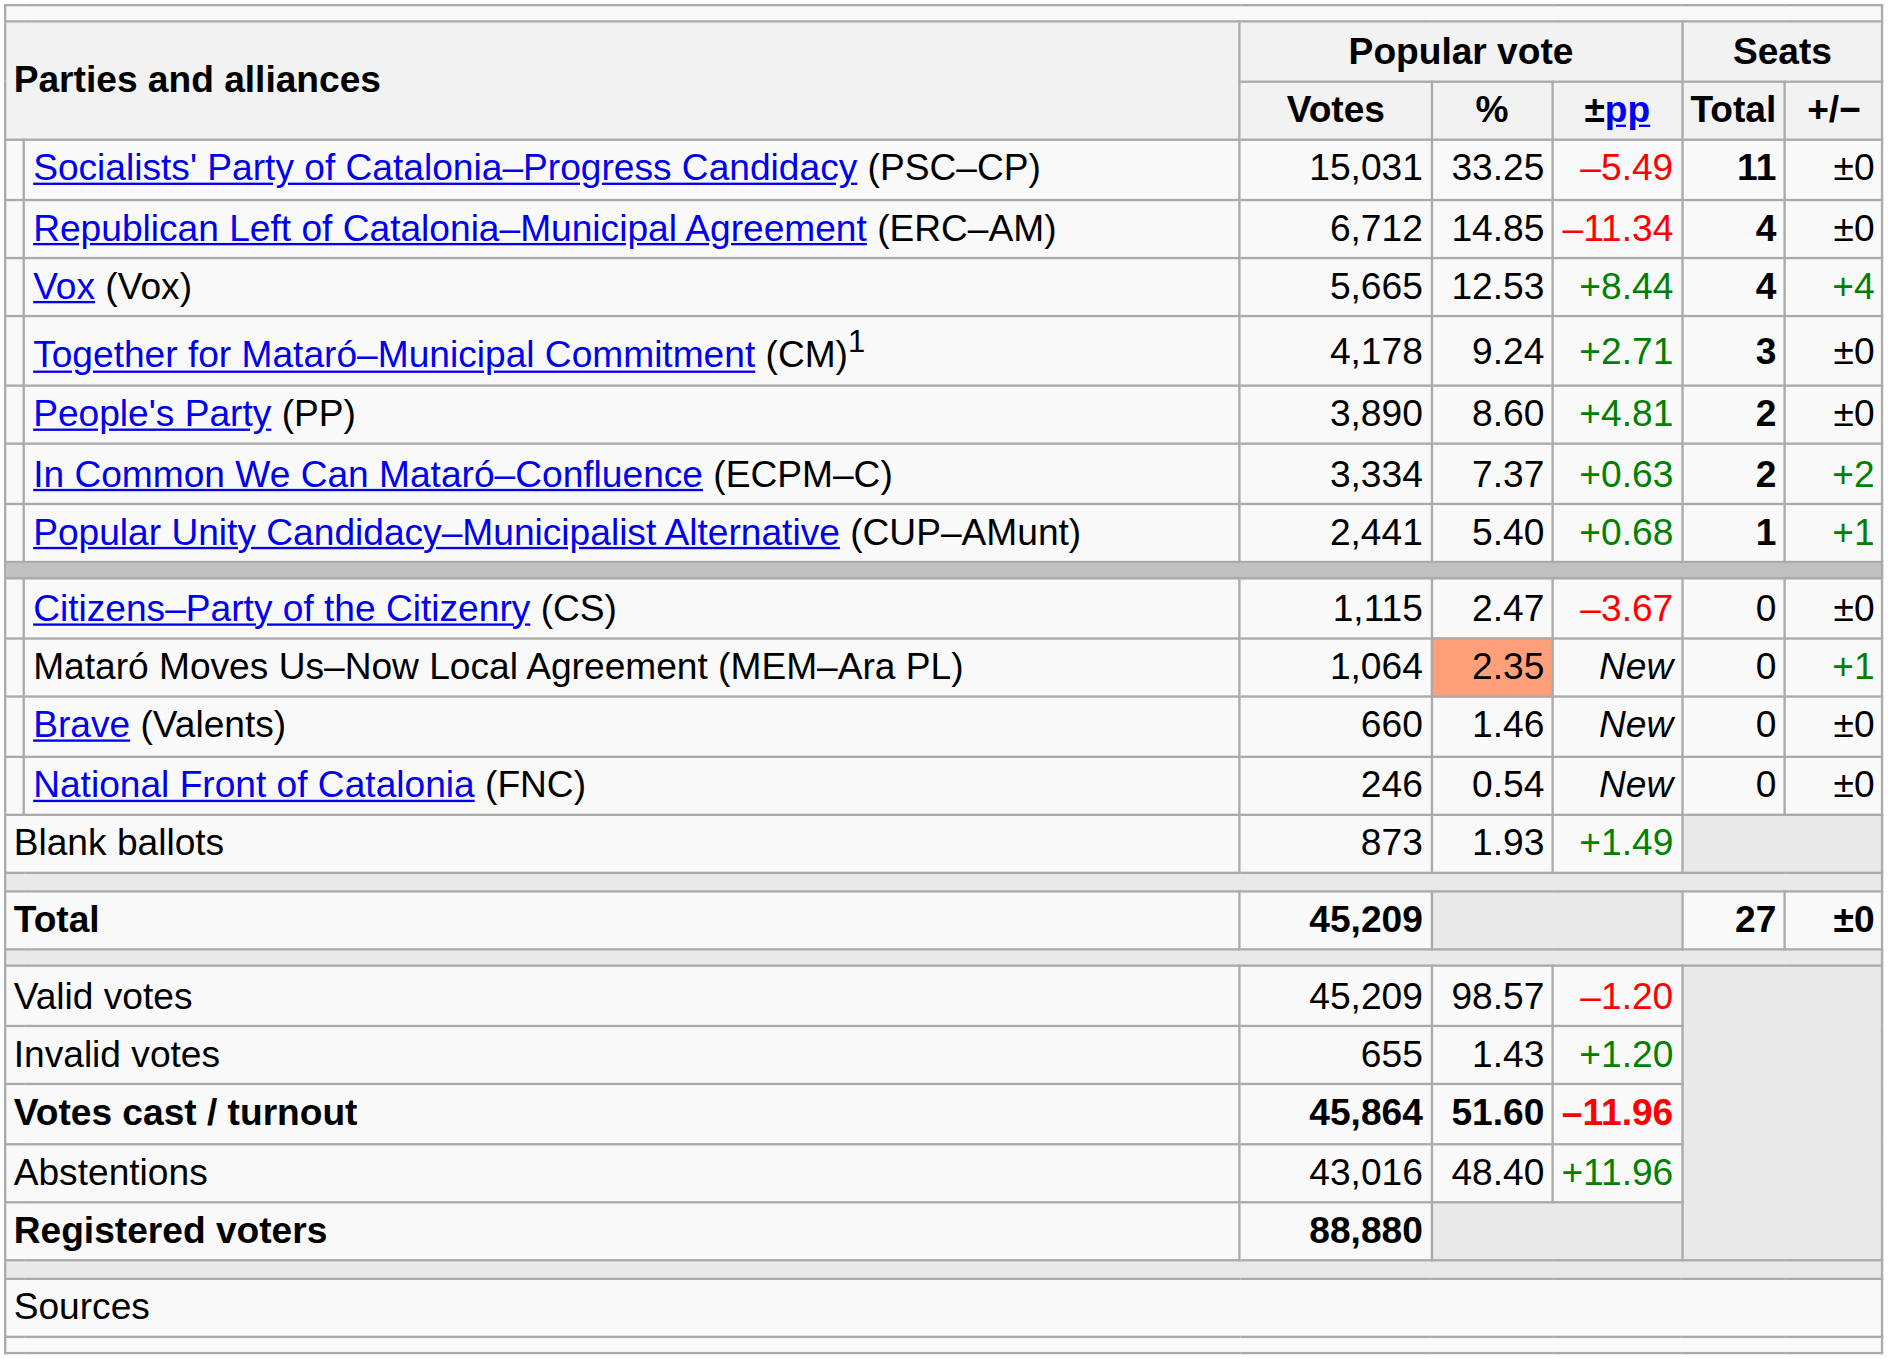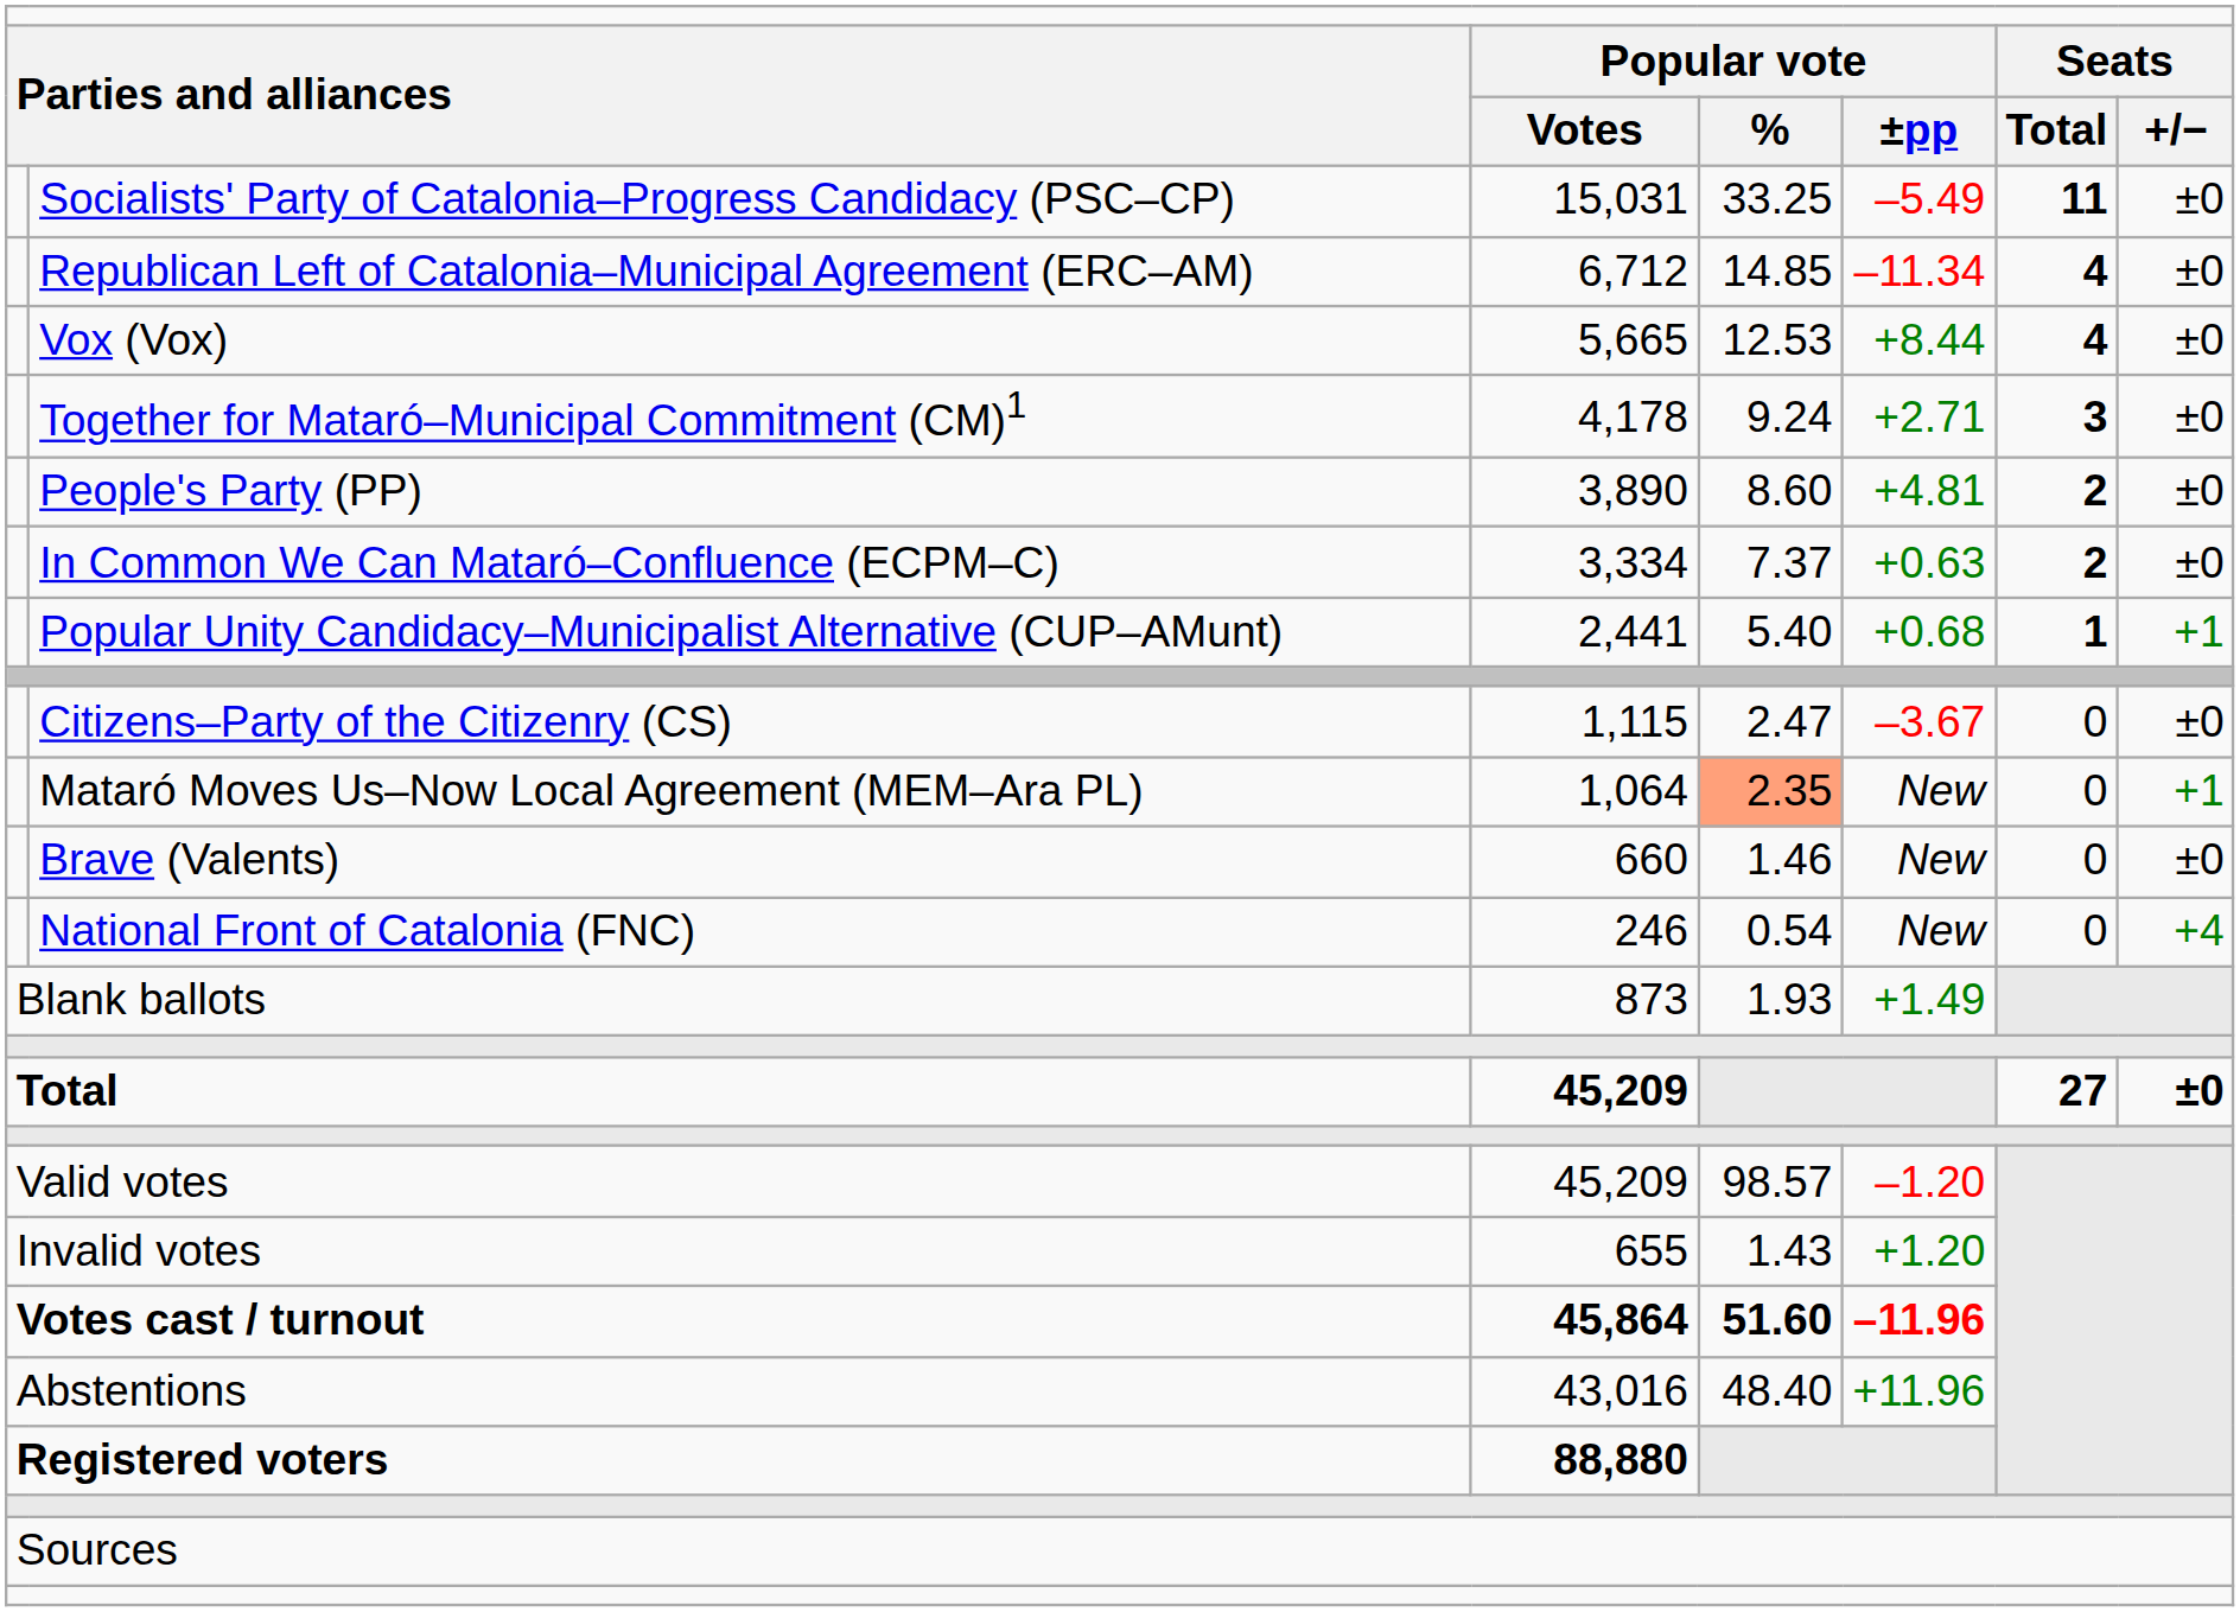 <table class="wikitable" style="text-align:right;">
 <tr>
 <td colspan="7"></td>
 </tr>
 <tr>
 <th style="text-align:left;" rowspan="2" colspan="2" width="525">Parties and alliances</th>
 <th colspan="3">Popular vote</th>
 <th colspan="2">Seats</th>
 </tr>
 <tr>
 <th width="75">Votes</th>
 <th width="45">%</th>
 <th width="45">±<a href='#'>pp</a></th>
 <th width="35">Total</th>
 <th width="35">+/−</th>
 </tr>
 <tr>
 <td width="1" style="color:inherit;background:"></td>
 <td align="left"><a href='#'>Socialists' Party of Catalonia–Progress Candidacy</a> (PSC–CP)</td>
 <td>15,031</td>
 <td>33.25</td>
 <td style="color:red;">–5.49</td>
 <td><strong>11</strong></td>
 <td>±0</td>
 </tr>
 <tr>
 <td style="color:inherit;background:"></td>
 <td align="left"><a href='#'>Republican Left of Catalonia–Municipal Agreement</a> (ERC–AM)</td>
 <td>6,712</td>
 <td>14.85</td>
 <td style="color:red;">–11.34</td>
 <td><strong>4</strong></td>
 <td>±0</td>
 </tr>
 <tr>
 <td style="color:inherit;background:"></td>
 <td align="left"><a href='#'>Vox</a> (Vox)</td>
 <td>5,665</td>
 <td>12.53</td>
 <td style="color:green;">+8.44</td>
 <td><strong>4</strong></td>
-<td style="color:green;">+4</td>
+<td>±0</td>
 </tr>
 <tr>
 <td style="color:inherit;background:"></td>
 <td align="left"><a href='#'>Together for Mataró–Municipal Commitment</a> (CM)<sup>1</sup></td>
 <td>4,178</td>
 <td>9.24</td>
 <td style="color:green;">+2.71</td>
 <td><strong>3</strong></td>
 <td>±0</td>
 </tr>
 <tr>
 <td style="color:inherit;background:"></td>
 <td align="left"><a href='#'>People's Party</a> (PP)</td>
 <td>3,890</td>
 <td>8.60</td>
 <td style="color:green;">+4.81</td>
 <td><strong>2</strong></td>
 <td>±0</td>
 </tr>
 <tr>
 <td style="color:inherit;background:"></td>
 <td align="left"><a href='#'>In Common We Can Mataró–Confluence</a> (ECPM–C)</td>
 <td>3,334</td>
 <td>7.37</td>
 <td style="color:green;">+0.63</td>
 <td><strong>2</strong></td>
-<td style="color:green;">+2</td>
+<td>±0</td>
 </tr>
 <tr>
 <td style="color:inherit;background:"></td>
 <td align="left"><a href='#'>Popular Unity Candidacy–Municipalist Alternative</a> (CUP–AMunt)</td>
 <td>2,441</td>
 <td>5.40</td>
 <td style="color:green;">+0.68</td>
 <td><strong>1</strong></td>
 <td style="color:green;">+1</td>
 </tr>
 <tr>
 <td colspan="7" bgcolor="#C0C0C0"></td>
 </tr>
 <tr>
 <td style="color:inherit;background:"></td>
 <td align="left"><a href='#'>Citizens–Party of the Citizenry</a> (CS)</td>
 <td>1,115</td>
 <td>2.47</td>
 <td style="color:red;">–3.67</td>
 <td>0</td>
 <td>±0</td>
 </tr>
 <tr>
 <td style="color:inherit;background:"></td>
 <td align="left">Mataró Moves Us–Now Local Agreement (MEM–Ara PL)</td>
 <td>1,064</td>
 <td style="background: lightsalmon;">2.35</td>
 <td><em>New</em></td>
 <td>0</td>
 <td style="color:green;">+1</td>
 </tr>
 <tr>
 <td style="color:inherit;background:"></td>
 <td align="left"><a href='#'>Brave</a> (Valents)</td>
 <td>660</td>
 <td>1.46</td>
 <td><em>New</em></td>
 <td>0</td>
 <td>±0</td>
 </tr>
 <tr>
 <td style="color:inherit;background:"></td>
 <td align="left"><a href='#'>National Front of Catalonia</a> (FNC)</td>
 <td>246</td>
 <td>0.54</td>
 <td><em>New</em></td>
 <td>0</td>
-<td>±0</td>
+<td style="color:green;">+4</td>
 </tr>
 <tr>
 <td align="left" colspan="2">Blank ballots</td>
 <td>873</td>
 <td>1.93</td>
 <td style="color:green;">+1.49</td>
 <td bgcolor="#E9E9E9" colspan="2"></td>
 </tr>
 <tr>
 <td colspan="7" bgcolor="#E9E9E9"></td>
 </tr>
 <tr style="font-weight:bold;">
 <td align="left" colspan="2">Total</td>
 <td>45,209</td>
 <td bgcolor="#E9E9E9" colspan="2"></td>
 <td>27</td>
 <td>±0</td>
 </tr>
 <tr>
 <td colspan="7" bgcolor="#E9E9E9"></td>
 </tr>
 <tr>
 <td align="left" colspan="2">Valid votes</td>
 <td>45,209</td>
 <td>98.57</td>
 <td style="color:red;">–1.20</td>
 <td bgcolor="#E9E9E9" colspan="2" rowspan="5"></td>
 </tr>
 <tr>
 <td align="left" colspan="2">Invalid votes</td>
 <td>655</td>
 <td>1.43</td>
 <td style="color:green;">+1.20</td>
 </tr>
 <tr style="font-weight:bold;">
 <td align="left" colspan="2">Votes cast / turnout</td>
 <td>45,864</td>
 <td>51.60</td>
 <td style="color:red;">–11.96</td>
 </tr>
 <tr>
 <td align="left" colspan="2">Abstentions</td>
 <td>43,016</td>
 <td>48.40</td>
 <td style="color:green;">+11.96</td>
 </tr>
 <tr style="font-weight:bold;">
 <td align="left" colspan="2">Registered voters</td>
 <td>88,880</td>
 <td bgcolor="#E9E9E9" colspan="2"></td>
 </tr>
 <tr>
 <td colspan="7" bgcolor="#E9E9E9"></td>
 </tr>
 <tr>
 <td align="left" colspan="7">Sources</td>
 </tr>
 <tr>
 <td colspan="7" style="text-align:left; max-width:790px;"></td>
 </tr>
 </table>
